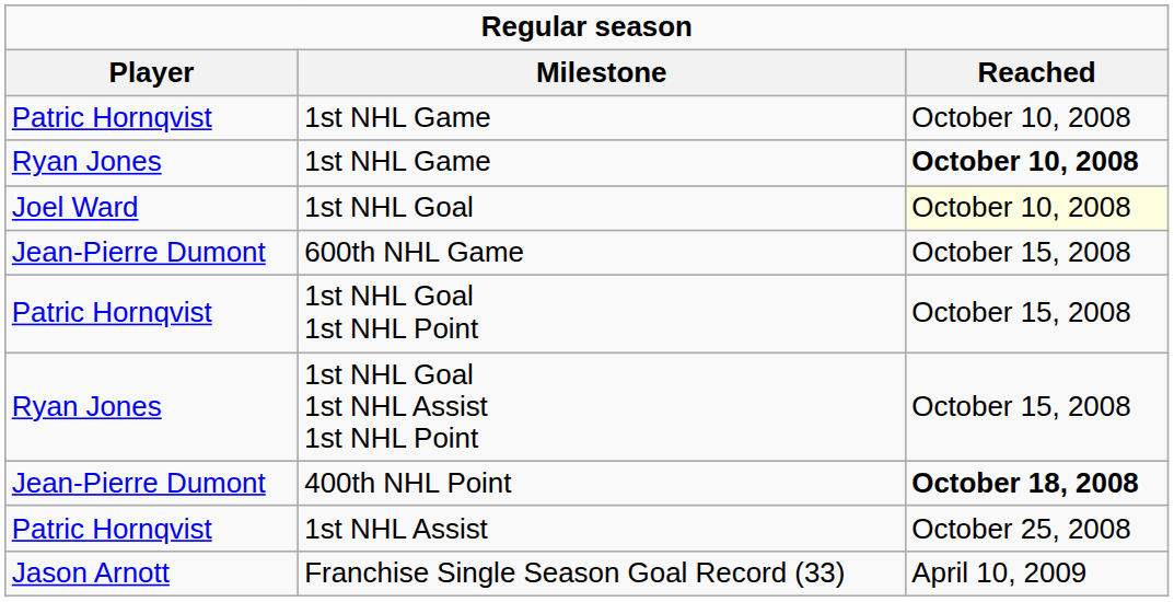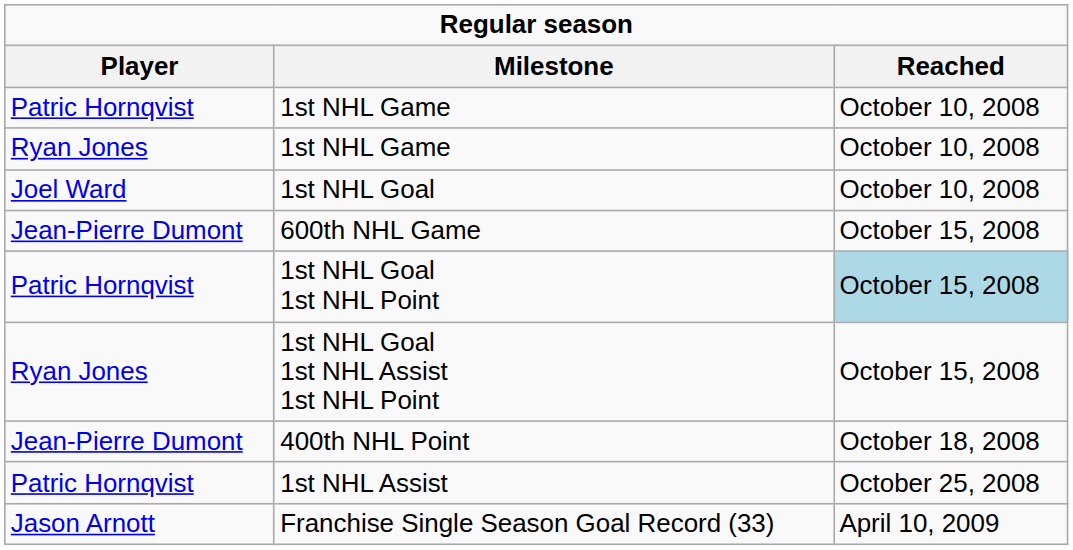 <table class="wikitable" width="52%">
 <tr>
 <td colspan="10" align="center"><strong>Regular season</strong></td>
 </tr>
 <tr>
 <th>Player</th>
 <th>Milestone</th>
 <th>Reached</th>
 </tr>
 <tr>
 <td><a href='#'>Patric Hornqvist</a></td>
 <td>1st NHL Game</td>
 <td>October 10, 2008</td>
 </tr>
 <tr>
 <td><a href='#'>Ryan Jones</a></td>
 <td>1st NHL Game</td>
-<td><strong>October 10, 2008</strong></td>
+<td>October 10, 2008</td>
 </tr>
 <tr>
 <td><a href='#'>Joel Ward</a></td>
 <td>1st NHL Goal</td>
-<td style="background: lightyellow;">October 10, 2008</td>
+<td>October 10, 2008</td>
 </tr>
 <tr>
 <td><a href='#'>Jean-Pierre Dumont</a></td>
 <td>600th NHL Game</td>
 <td>October 15, 2008</td>
 </tr>
 <tr>
 <td><a href='#'>Patric Hornqvist</a></td>
 <td>1st NHL Goal<br>1st NHL Point</td>
-<td>October 15, 2008</td>
+<td style="background: lightblue;">October 15, 2008</td>
 </tr>
 <tr>
 <td><a href='#'>Ryan Jones</a></td>
 <td>1st NHL Goal<br>1st NHL Assist<br>1st NHL Point</td>
 <td>October 15, 2008</td>
 </tr>
 <tr>
 <td><a href='#'>Jean-Pierre Dumont</a></td>
 <td>400th NHL Point</td>
-<td><strong>October 18, 2008</strong></td>
+<td>October 18, 2008</td>
 </tr>
 <tr>
 <td><a href='#'>Patric Hornqvist</a></td>
 <td>1st NHL Assist</td>
 <td>October 25, 2008</td>
 </tr>
 <tr>
 <td><a href='#'>Jason Arnott</a></td>
 <td>Franchise Single Season Goal Record (33)</td>
 <td>April 10, 2009</td>
 </tr>
 </table>
